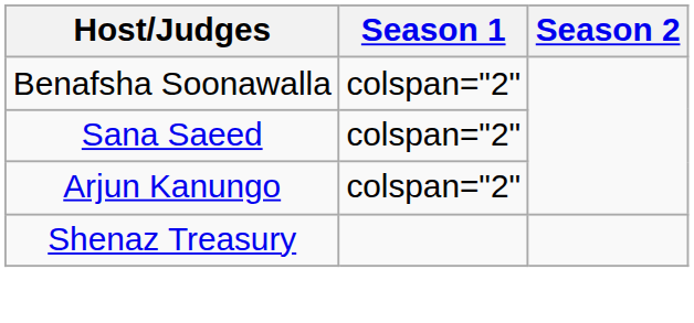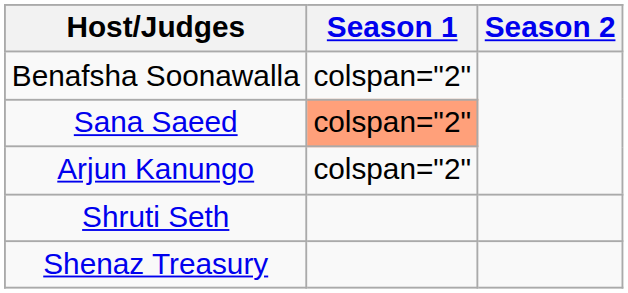 <table class="wikitable" style="font-size:100%; text-align: center;">
 <tr>
 <th>Host/Judges</th>
 <th><strong><a href='#'>Season 1</a></strong></th>
 <th><strong><a href='#'>Season 2</a></strong></th>
 </tr>
 <tr>
 <td>Benafsha Soonawalla</td>
 <td>colspan="2" </td>
 </tr>
 <tr>
 <td><a href='#'>Sana Saeed</a></td>
-<td>colspan="2" </td>
+<td style="background: lightsalmon;">colspan="2" </td>
 </tr>
 <tr>
 <td><a href='#'>Arjun Kanungo</a></td>
 <td>colspan="2" </td>
+</tr>
+<tr>
+<td><a href='#'>Shruti Seth</a></td>
+<td></td>
+<td></td>
 </tr>
 <tr>
 <td><a href='#'>Shenaz Treasury</a></td>
 <td></td>
 <td></td>
 </tr>
 </table>
